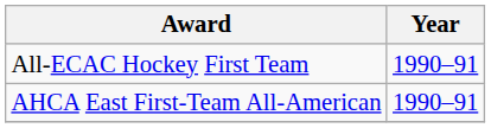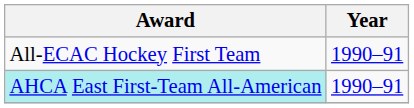 <table class="wikitable">
 <tr>
 <th>Award</th>
 <th>Year</th>
 </tr>
 <tr>
 <td>All-<a href='#'>ECAC Hockey</a> <a href='#'>First Team</a></td>
 <td><a href='#'>1990–91</a></td>
 </tr>
 <tr>
-<td><a href='#'>AHCA</a> <a href='#'>East First-Team All-American</a></td>
+<td style="background: paleturquoise;"><a href='#'>AHCA</a> <a href='#'>East First-Team All-American</a></td>
 <td><a href='#'>1990–91</a></td>
 </tr>
 <tr>
 </tr>
 </table>
